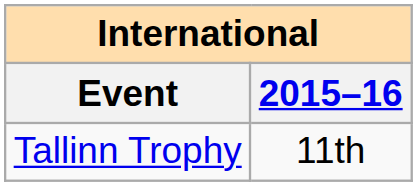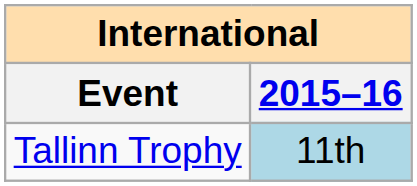 <table class="wikitable" style="text-align:center">
 <tr>
 <th style="background-color: #ffdead; " colspan=2 align=center>International</th>
 </tr>
 <tr>
 <th>Event</th>
 <th><a href='#'>2015–16</a></th>
 </tr>
 <tr>
 <td align=left> <a href='#'>Tallinn Trophy</a></td>
-<td>11th</td>
+<td style="background: lightblue;">11th</td>
 </tr>
 </table>
